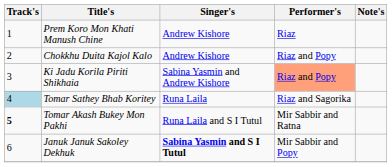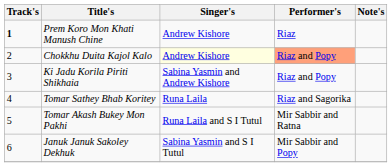 <table class="wikitable">
 <tr>
 <th>Track's</th>
 <th>Title's</th>
 <th>Singer's</th>
 <th>Performer's</th>
 <th>Note's</th>
 </tr>
 <tr>
-<td>1</td>
+<td><strong>1</strong></td>
 <td><em>Prem Koro Mon Khati Manush Chine</em></td>
 <td><a href='#'>Andrew Kishore</a></td>
 <td><a href='#'>Riaz</a></td>
 <td></td>
 </tr>
 <tr>
 <td>2</td>
 <td><em>Chokkhu Duita Kajol Kalo</em></td>
-<td><a href='#'>Andrew Kishore</a></td>
-<td><a href='#'>Riaz</a> and <a href='#'>Popy</a></td>
+<td style="background: lightyellow;"><a href='#'>Andrew Kishore</a></td>
+<td style="background: lightsalmon;"><a href='#'>Riaz</a> and <a href='#'>Popy</a></td>
 <td></td>
 </tr>
 <tr>
 <td>3</td>
 <td><em>Ki Jadu Korila Piriti Shikhaia</em></td>
 <td><a href='#'>Sabina Yasmin</a> and <a href='#'>Andrew Kishore</a></td>
-<td style="background: lightsalmon;"><a href='#'>Riaz</a> and <a href='#'>Popy</a></td>
+<td><a href='#'>Riaz</a> and <a href='#'>Popy</a></td>
 </tr>
 <tr>
-<td style="background: lightblue;">4</td>
+<td>4</td>
 <td><em>Tomar Sathey Bhab Koritey</em></td>
 <td><a href='#'>Runa Laila</a></td>
 <td><a href='#'>Riaz</a> and Sagorika</td>
 <td></td>
 </tr>
 <tr>
-<td><strong>5</strong></td>
+<td>5</td>
 <td><em>Tomar Akash Bukey Mon Pakhi</em></td>
 <td><a href='#'>Runa Laila</a> and S I Tutul</td>
 <td>Mir Sabbir and Ratna</td>
 <td></td>
 </tr>
 <tr>
 <td>6</td>
 <td><em>Januk Januk Sakoley Dekhuk</em></td>
-<td><strong><a href='#'>Sabina Yasmin</a> and S I Tutul</strong></td>
+<td><a href='#'>Sabina Yasmin</a> and S I Tutul</td>
 <td>Mir Sabbir and <a href='#'>Popy</a></td>
 <td></td>
 </tr>
 <tr>
 </tr>
 </table>
